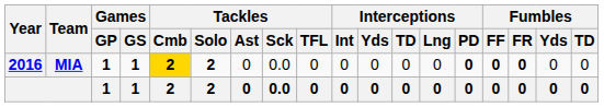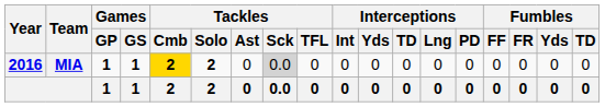 <table class="wikitable" style="text-align:center">
 <tr>
 <th rowspan="2">Year</th>
 <th rowspan="2">Team</th>
 <th colspan="2">Games</th>
 <th colspan="5">Tackles</th>
 <th colspan="5">Interceptions</th>
 <th colspan="4">Fumbles</th>
 </tr>
 <tr>
 <th>GP</th>
 <th>GS</th>
 <th>Cmb</th>
 <th>Solo</th>
 <th>Ast</th>
 <th>Sck</th>
 <th>TFL</th>
 <th>Int</th>
 <th>Yds</th>
 <th>TD</th>
 <th>Lng</th>
 <th>PD</th>
 <th>FF</th>
 <th>FR</th>
 <th>Yds</th>
 <th>TD</th>
 </tr>
 <tr>
 <th><a href='#'>2016</a></th>
 <th><a href='#'>MIA</a></th>
 <td><strong>1</strong></td>
 <td><strong>1</strong></td>
 <td style="background: gold;"><strong>2</strong></td>
 <td><strong>2</strong></td>
 <td>0</td>
-<td>0.0</td>
+<td style="background: lightgrey;">0.0</td>
 <td>0</td>
 <td>0</td>
 <td>0</td>
 <td>0</td>
 <td>0</td>
-<td><strong>0</strong></td>
-<td><strong>0</strong></td>
-<td><strong>0</strong></td>
+<td>0</td>
+<td>0</td>
+<td>0</td>
 <td>0</td>
 <td>0</td>
 </tr>
 <tr>
 <th colspan="2"></th>
 <th>1</th>
 <th>1</th>
 <th>2</th>
 <th>2</th>
 <th>0</th>
 <th>0.0</th>
 <th>0</th>
 <th>0</th>
 <th>0</th>
 <th>0</th>
 <th>0</th>
 <th>0</th>
 <th>0</th>
 <th>0</th>
 <th>0</th>
 <th>0</th>
 </tr>
 </table>
